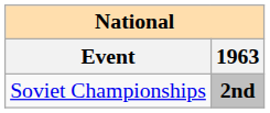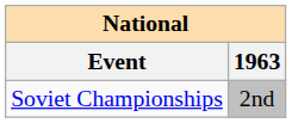 <table class="wikitable" style="text-align:center">
 <tr>
 <th style="background-color: #ffdead; " colspan=2 align=center>National</th>
 </tr>
 <tr>
 <th>Event</th>
 <th>1963</th>
 </tr>
 <tr>
 <td align=left><a href='#'>Soviet Championships</a></td>
-<td bgcolor=silver><strong>2nd</strong></td>
+<td bgcolor=silver>2nd</td>
 </tr>
 </table>
